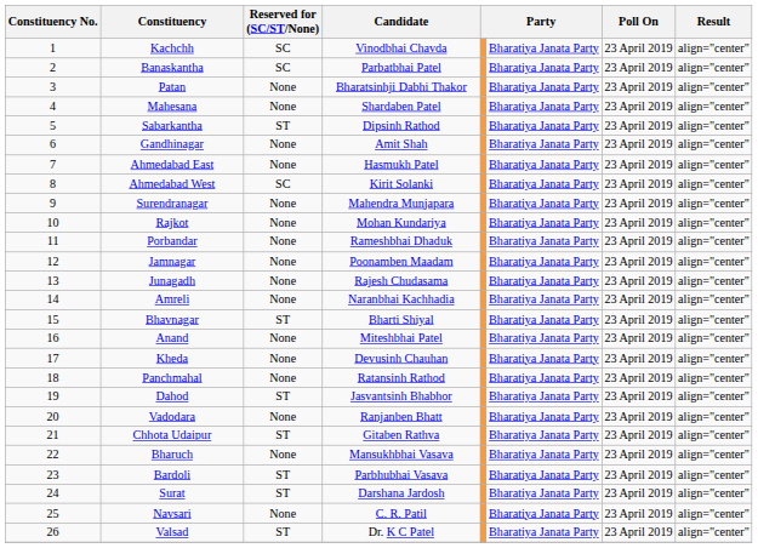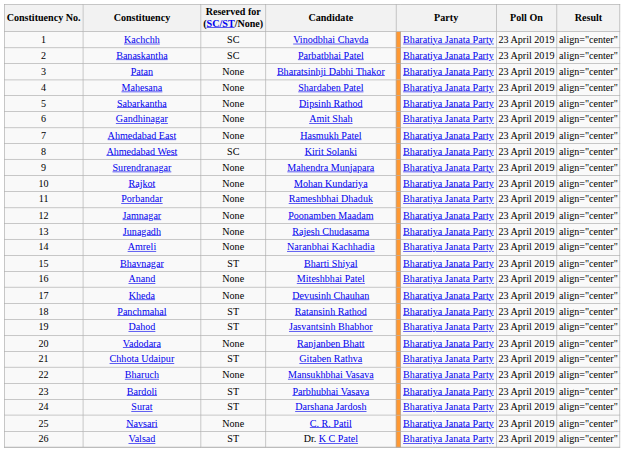 <table class="wikitable sortable" style="text-align:center;">
 <tr>
 <th>Constituency No.</th>
 <th style="width:180px;">Constituency</th>
 <th>Reserved for<br>(<a href='#'>SC/ST</a>/None)</th>
 <th style="width:200px;">Candidate</th>
 <th colspan="2">Party</th>
 <th>Poll On</th>
 <th>Result</th>
 </tr>
 <tr>
 <td align="center">1</td>
 <td><a href='#'>Kachchh</a></td>
 <td align="center">SC</td>
 <td><a href='#'>Vinodbhai Chavda</a></td>
 <td bgcolor=#FF9933></td>
 <td><a href='#'>Bharatiya Janata Party</a></td>
 <td align="center">23 April 2019</td>
 <td>align="center" </td>
 </tr>
 <tr>
 <td align="center">2</td>
 <td><a href='#'>Banaskantha</a></td>
 <td align="center">SC</td>
 <td><a href='#'>Parbatbhai Patel</a></td>
 <td bgcolor=#FF9933></td>
 <td><a href='#'>Bharatiya Janata Party</a></td>
 <td align="center">23 April 2019</td>
 <td>align="center" </td>
 </tr>
 <tr>
 <td align="center">3</td>
 <td><a href='#'>Patan</a></td>
 <td align="center">None</td>
 <td><a href='#'>Bharatsinhji Dabhi Thakor</a></td>
 <td bgcolor="#FF9933"></td>
 <td><a href='#'>Bharatiya Janata Party</a></td>
 <td align="center">23 April 2019</td>
 <td>align="center" </td>
 </tr>
 <tr>
 <td align="center">4</td>
 <td><a href='#'>Mahesana</a></td>
 <td align="center">None</td>
 <td><a href='#'>Shardaben Patel</a></td>
 <td bgcolor=#FF9933></td>
 <td><a href='#'>Bharatiya Janata Party</a></td>
 <td align="center">23 April 2019</td>
 <td>align="center" </td>
 </tr>
 <tr>
 <td align="center">5</td>
 <td><a href='#'>Sabarkantha</a></td>
-<td align="center">ST</td>
+<td align="center">None</td>
 <td><a href='#'>Dipsinh Rathod</a></td>
 <td bgcolor=#FF9933></td>
 <td><a href='#'>Bharatiya Janata Party</a></td>
 <td align="center">23 April 2019</td>
 <td>align="center" </td>
 </tr>
 <tr>
 <td align="center">6</td>
 <td><a href='#'>Gandhinagar</a></td>
 <td align="center">None</td>
 <td><a href='#'>Amit Shah</a></td>
 <td bgcolor=#FF9933></td>
 <td><a href='#'>Bharatiya Janata Party</a></td>
 <td align="center">23 April 2019</td>
 <td>align="center" </td>
 </tr>
 <tr>
 <td align="center">7</td>
 <td><a href='#'>Ahmedabad East</a></td>
 <td align="center">None</td>
 <td><a href='#'>Hasmukh Patel</a></td>
 <td bgcolor="#FF9933"></td>
 <td><a href='#'>Bharatiya Janata Party</a></td>
 <td align="center">23 April 2019</td>
 <td>align="center" </td>
 </tr>
 <tr>
 <td align="center">8</td>
 <td><a href='#'>Ahmedabad West</a></td>
 <td align="center">SC</td>
 <td><a href='#'>Kirit Solanki</a></td>
 <td bgcolor=#FF9933></td>
 <td><a href='#'>Bharatiya Janata Party</a></td>
 <td align="center">23 April 2019</td>
 <td>align="center" </td>
 </tr>
 <tr>
 <td align="center">9</td>
 <td><a href='#'>Surendranagar</a></td>
 <td align="center">None</td>
 <td><a href='#'>Mahendra Munjapara</a></td>
 <td bgcolor=#FF9933></td>
 <td><a href='#'>Bharatiya Janata Party</a></td>
 <td align="center">23 April 2019</td>
 <td>align="center" </td>
 </tr>
 <tr>
 <td align="center">10</td>
 <td><a href='#'>Rajkot</a></td>
 <td align="center">None</td>
 <td><a href='#'>Mohan Kundariya</a></td>
 <td bgcolor=#FF9933></td>
 <td><a href='#'>Bharatiya Janata Party</a></td>
 <td align="center">23 April 2019</td>
 <td>align="center" </td>
 </tr>
 <tr>
 <td align="center">11</td>
 <td><a href='#'>Porbandar</a></td>
 <td align="center">None</td>
 <td><a href='#'>Rameshbhai Dhaduk</a></td>
 <td bgcolor=#FF9933></td>
 <td><a href='#'>Bharatiya Janata Party</a></td>
 <td align="center">23 April 2019</td>
 <td>align="center" </td>
 </tr>
 <tr>
 <td align="center">12</td>
 <td><a href='#'>Jamnagar</a></td>
 <td align="center">None</td>
 <td><a href='#'>Poonamben Maadam</a></td>
 <td bgcolor=#FF9933></td>
 <td><a href='#'>Bharatiya Janata Party</a></td>
 <td align="center">23 April 2019</td>
 <td>align="center" </td>
 </tr>
 <tr>
 <td align="center">13</td>
 <td><a href='#'>Junagadh</a></td>
 <td align="center">None</td>
 <td><a href='#'>Rajesh Chudasama</a></td>
 <td bgcolor="#FF9933"></td>
 <td><a href='#'>Bharatiya Janata Party</a></td>
 <td align="center">23 April 2019</td>
 <td>align="center" </td>
 </tr>
 <tr>
 <td align="center">14</td>
 <td><a href='#'>Amreli</a></td>
 <td align="center">None</td>
 <td><a href='#'>Naranbhai Kachhadia</a></td>
 <td bgcolor=#FF9933></td>
 <td><a href='#'>Bharatiya Janata Party</a></td>
 <td align="center">23 April 2019</td>
 <td>align="center" </td>
 </tr>
 <tr>
 <td align="center">15</td>
 <td><a href='#'>Bhavnagar</a></td>
 <td align="center">ST</td>
 <td><a href='#'>Bharti Shiyal</a></td>
 <td bgcolor=#FF9933></td>
 <td><a href='#'>Bharatiya Janata Party</a></td>
 <td align="center">23 April 2019</td>
 <td>align="center" </td>
 </tr>
 <tr>
 <td align="center">16</td>
 <td><a href='#'>Anand</a></td>
 <td align="center">None</td>
 <td><a href='#'>Miteshbhai Patel</a></td>
 <td bgcolor="#FF9933"></td>
 <td><a href='#'>Bharatiya Janata Party</a></td>
 <td align="center">23 April 2019</td>
 <td>align="center" </td>
 </tr>
 <tr>
 <td align="center">17</td>
 <td><a href='#'>Kheda</a></td>
 <td align="center">None</td>
 <td><a href='#'>Devusinh Chauhan</a></td>
 <td bgcolor=#FF9933></td>
 <td><a href='#'>Bharatiya Janata Party</a></td>
 <td align="center">23 April 2019</td>
 <td>align="center" </td>
 </tr>
 <tr>
 <td align="center">18</td>
 <td><a href='#'>Panchmahal</a></td>
-<td align="center">None</td>
+<td align="center">ST</td>
 <td><a href='#'>Ratansinh Rathod</a></td>
 <td bgcolor="#FF9933"></td>
 <td><a href='#'>Bharatiya Janata Party</a></td>
 <td align="center">23 April 2019</td>
 <td>align="center" </td>
 </tr>
 <tr>
 <td align="center">19</td>
 <td><a href='#'>Dahod</a></td>
 <td align="center">ST</td>
 <td><a href='#'>Jasvantsinh Bhabhor</a></td>
 <td bgcolor=#FF9933></td>
 <td><a href='#'>Bharatiya Janata Party</a></td>
 <td align="center">23 April 2019</td>
 <td>align="center" </td>
 </tr>
 <tr>
 <td align="center">20</td>
 <td><a href='#'>Vadodara</a></td>
 <td align="center">None</td>
 <td><a href='#'>Ranjanben Bhatt</a></td>
 <td bgcolor=#FF9933></td>
 <td><a href='#'>Bharatiya Janata Party</a></td>
 <td align="center">23 April 2019</td>
 <td>align="center" </td>
 </tr>
 <tr>
 <td align="center">21</td>
 <td><a href='#'>Chhota Udaipur</a></td>
 <td align="center">ST</td>
 <td><a href='#'>Gitaben Rathva</a></td>
 <td bgcolor="#FF9933"></td>
 <td><a href='#'>Bharatiya Janata Party</a></td>
 <td align="center">23 April 2019</td>
 <td>align="center" </td>
 </tr>
 <tr>
 <td align="center">22</td>
 <td><a href='#'>Bharuch</a></td>
 <td align="center">None</td>
 <td><a href='#'>Mansukhbhai Vasava</a></td>
 <td bgcolor=#FF9933></td>
 <td><a href='#'>Bharatiya Janata Party</a></td>
 <td align="center">23 April 2019</td>
 <td>align="center" </td>
 </tr>
 <tr>
 <td align="center">23</td>
 <td><a href='#'>Bardoli</a></td>
 <td align="center">ST</td>
 <td><a href='#'>Parbhubhai Vasava</a></td>
 <td bgcolor=#FF9933></td>
 <td><a href='#'>Bharatiya Janata Party</a></td>
 <td align="center">23 April 2019</td>
 <td>align="center" </td>
 </tr>
 <tr>
 <td align="center">24</td>
 <td><a href='#'>Surat</a></td>
 <td align="center">ST</td>
 <td><a href='#'>Darshana Jardosh</a></td>
 <td bgcolor=#FF9933></td>
 <td><a href='#'>Bharatiya Janata Party</a></td>
 <td align="center">23 April 2019</td>
 <td>align="center" </td>
 </tr>
 <tr>
 <td align="center">25</td>
 <td><a href='#'>Navsari</a></td>
 <td align="center">None</td>
 <td><a href='#'>C. R. Patil</a></td>
 <td bgcolor=#FF9933></td>
 <td><a href='#'>Bharatiya Janata Party</a></td>
 <td align="center">23 April 2019</td>
 <td>align="center" </td>
 </tr>
 <tr>
 <td align="center">26</td>
 <td><a href='#'>Valsad</a></td>
 <td align="center">ST</td>
 <td>Dr. <a href='#'>K C Patel</a></td>
 <td bgcolor=#FF9933></td>
 <td><a href='#'>Bharatiya Janata Party</a></td>
 <td align="center">23 April 2019</td>
 <td>align="center" </td>
 </tr>
 <tr>
 </tr>
 </table>
